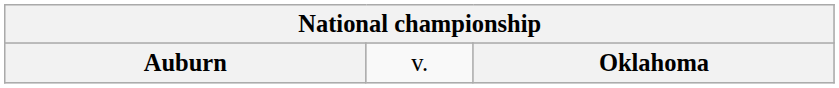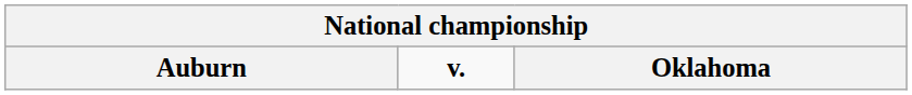 <table class="wikitable">
 <tr>
 <th style="width: 535px;" colspan=3>National championship</th>
 </tr>
 <tr>
 <th style="width: 219px; ">Auburn</th>
-<td style="width: 60px; text-align:center">v.</td>
+<td style="width: 60px; text-align:center"><strong>v.</strong></td>
 <th style="width: 219px; ">Oklahoma</th>
 </tr>
 </table>
